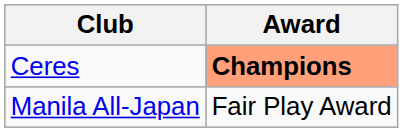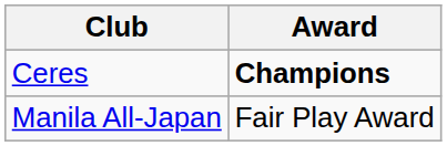 <table class="wikitable" style="text-align:center">
 <tr>
 <th>Club</th>
 <th>Award</th>
 </tr>
 <tr>
 <td align="left"><a href='#'>Ceres</a></td>
-<td align="left" style="background: lightsalmon;"><strong>Champions</strong></td>
+<td align="left"><strong>Champions</strong></td>
 </tr>
 <tr>
 <td align="left"><a href='#'>Manila All-Japan</a></td>
 <td align="left">Fair Play Award</td>
 </tr>
 </table>
